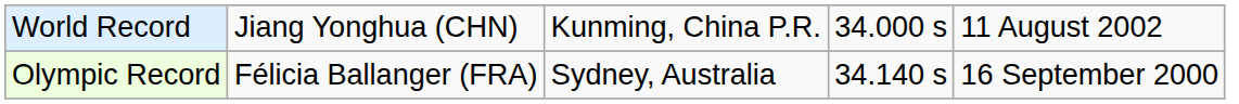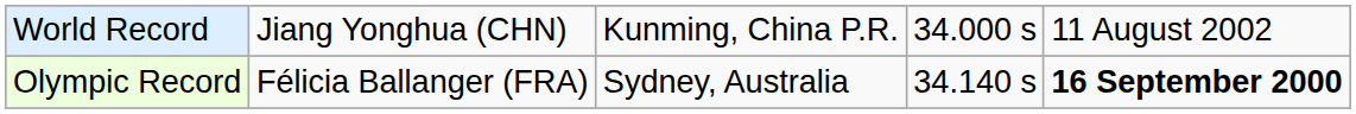 <table class="wikitable">
 <tr>
 <td !align="left" bgcolor = "ddeeff">World Record</td>
 <td>Jiang Yonghua (CHN)</td>
 <td>Kunming, China P.R.</td>
 <td>34.000 s</td>
 <td>11 August 2002</td>
 </tr>
 <tr>
 <td !align="left" bgcolor = "eeffdd">Olympic Record</td>
 <td>Félicia Ballanger (FRA)</td>
 <td>Sydney, Australia</td>
 <td>34.140 s</td>
-<td>16 September 2000</td>
+<td><strong>16 September 2000</strong></td>
 </tr>
 </table>
